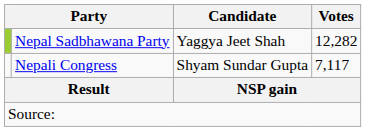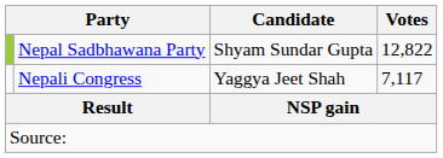 <table class="wikitable">
 <tr>
 <th colspan="2">Party</th>
 <th>Candidate</th>
 <th>Votes</th>
 </tr>
 <tr>
 <td style="background-color:yellowgreen"></td>
 <td><a href='#'>Nepal Sadbhawana Party</a></td>
-<td>Yaggya Jeet Shah</td>
-<td>12,282</td>
+<td>Shyam Sundar Gupta</td>
+<td>12,822</td>
 </tr>
 <tr>
 <td style="background-color:"></td>
 <td><a href='#'>Nepali Congress</a></td>
-<td>Shyam Sundar Gupta</td>
+<td>Yaggya Jeet Shah</td>
 <td>7,117</td>
 </tr>
 <tr>
 <th colspan="2">Result</th>
 <th colspan="2">NSP gain</th>
 </tr>
 <tr>
 <td colspan="4">Source: </td>
 </tr>
 </table>
